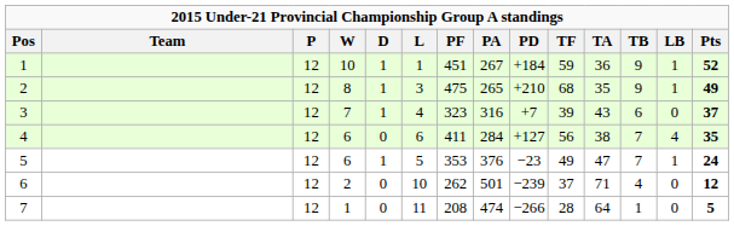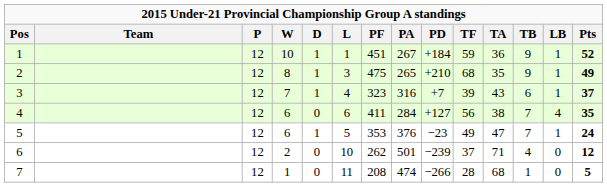 <table class="wikitable" style="text-align:center; line-height:110%; font-size:100%; width:60%;">
 <tr>
 <td colspan="14" cellpadding="0" cellspacing="0"><strong>2015 Under-21 Provincial Championship Group A standings</strong></td>
 </tr>
 <tr>
 <th style="width:5%;">Pos</th>
 <th style="width:35%;">Team</th>
 <th style="width:5%;">P</th>
 <th style="width:5%;">W</th>
 <th style="width:5%;">D</th>
 <th style="width:5%;">L</th>
 <th style="width:5%;">PF</th>
 <th style="width:5%;">PA</th>
 <th style="width:5%;">PD</th>
 <th style="width:5%;">TF</th>
 <th style="width:5%;">TA</th>
 <th style="width:5%;">TB</th>
 <th style="width:5%;">LB</th>
 <th style="width:5%;">Pts<br></th>
 </tr>
 <tr style="background:#E8FFD8;">
 <td>1</td>
 <td align=left></td>
 <td>12</td>
 <td>10</td>
 <td>1</td>
 <td>1</td>
 <td>451</td>
 <td>267</td>
 <td>+184</td>
 <td>59</td>
 <td>36</td>
 <td>9</td>
 <td>1</td>
 <td><strong>52</strong></td>
 </tr>
 <tr style="background:#E8FFD8;">
 <td>2</td>
 <td align=left></td>
 <td>12</td>
 <td>8</td>
 <td>1</td>
 <td>3</td>
 <td>475</td>
 <td>265</td>
 <td>+210</td>
 <td>68</td>
 <td>35</td>
 <td>9</td>
 <td>1</td>
 <td><strong>49</strong></td>
 </tr>
 <tr style="background:#E8FFD8;">
 <td>3</td>
 <td align=left></td>
 <td>12</td>
 <td>7</td>
 <td>1</td>
 <td>4</td>
 <td>323</td>
 <td>316</td>
 <td>+7</td>
 <td>39</td>
 <td>43</td>
 <td>6</td>
-<td>0</td>
+<td>1</td>
 <td><strong>37</strong></td>
 </tr>
 <tr style="background:#E8FFD8;">
 <td>4</td>
 <td align=left></td>
 <td>12</td>
 <td>6</td>
 <td>0</td>
 <td>6</td>
 <td>411</td>
 <td>284</td>
 <td>+127</td>
 <td>56</td>
 <td>38</td>
 <td>7</td>
 <td>4</td>
 <td><strong>35</strong></td>
 </tr>
 <tr style="background:#FFFFFF;">
 <td>5</td>
 <td align=left></td>
 <td>12</td>
 <td>6</td>
 <td>1</td>
 <td>5</td>
 <td>353</td>
 <td>376</td>
 <td>−23</td>
 <td>49</td>
 <td>47</td>
 <td>7</td>
 <td>1</td>
 <td><strong>24</strong></td>
 </tr>
 <tr style="background:#FFFFFF;">
 <td>6</td>
 <td align=left></td>
 <td>12</td>
 <td>2</td>
 <td>0</td>
 <td>10</td>
 <td>262</td>
 <td>501</td>
 <td>−239</td>
 <td>37</td>
 <td>71</td>
 <td>4</td>
 <td>0</td>
 <td><strong>12</strong></td>
 </tr>
 <tr style="background:#FFFFFF;">
 <td>7</td>
 <td align=left></td>
 <td>12</td>
 <td>1</td>
 <td>0</td>
 <td>11</td>
 <td>208</td>
 <td>474</td>
 <td>−266</td>
 <td>28</td>
-<td>64</td>
+<td>68</td>
 <td>1</td>
 <td>0</td>
 <td><strong>5</strong></td>
 </tr>
 </table>
